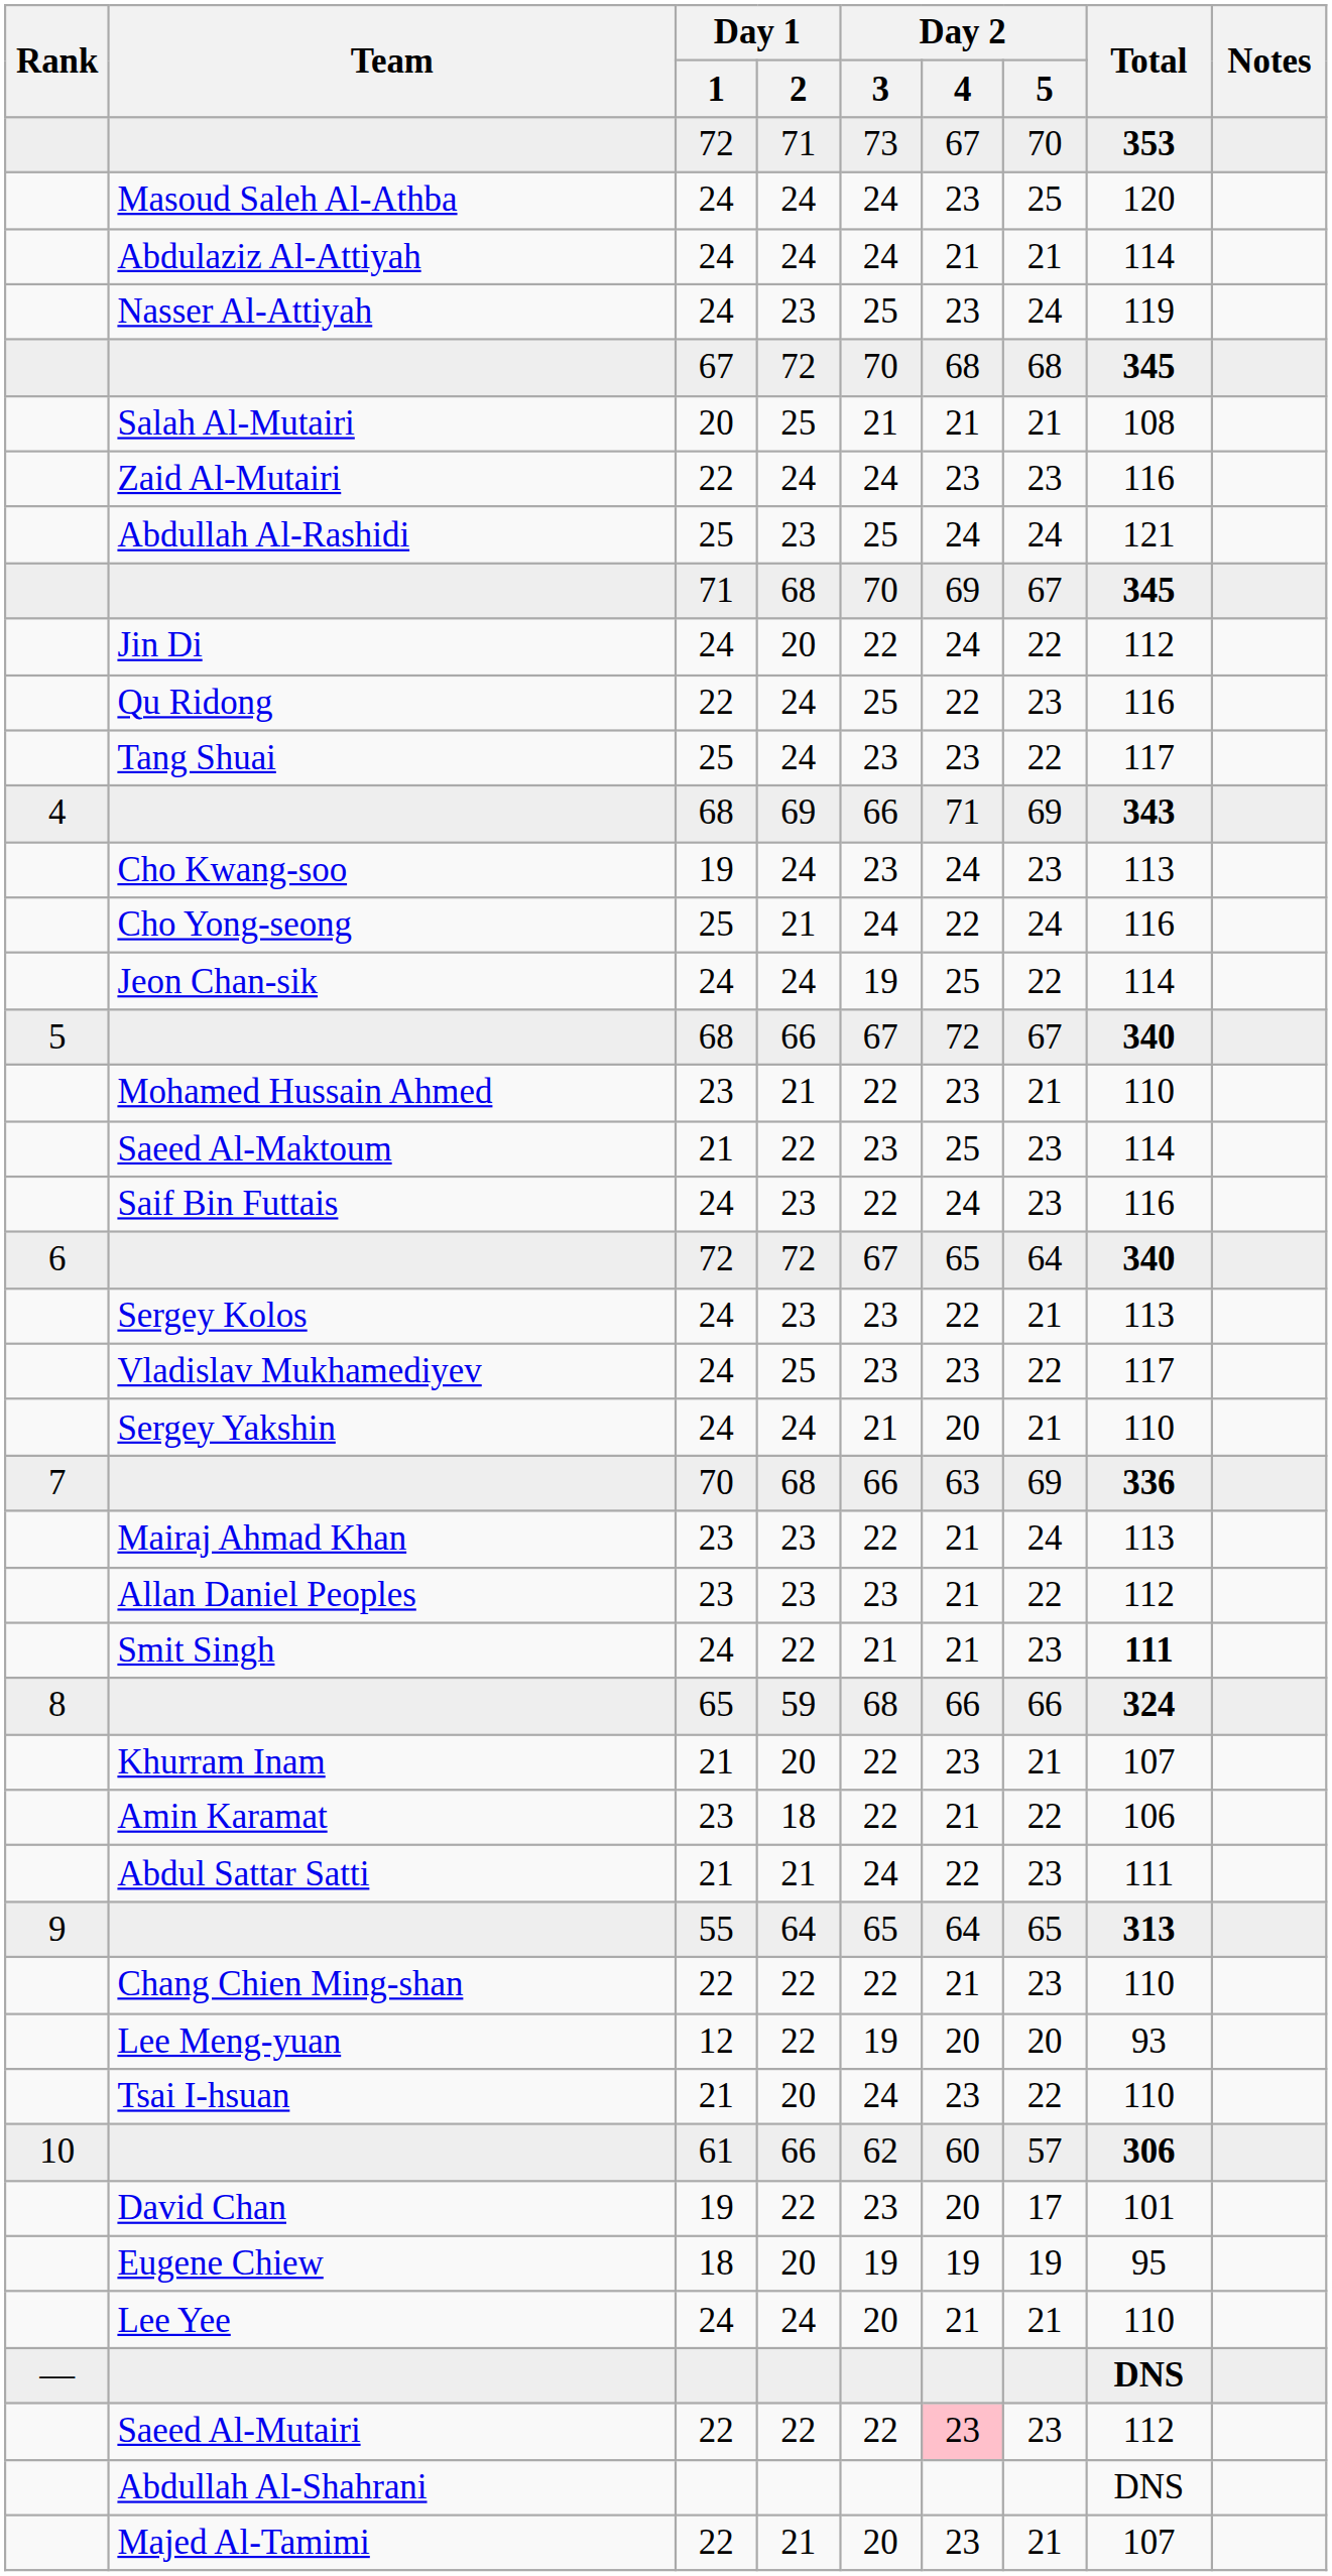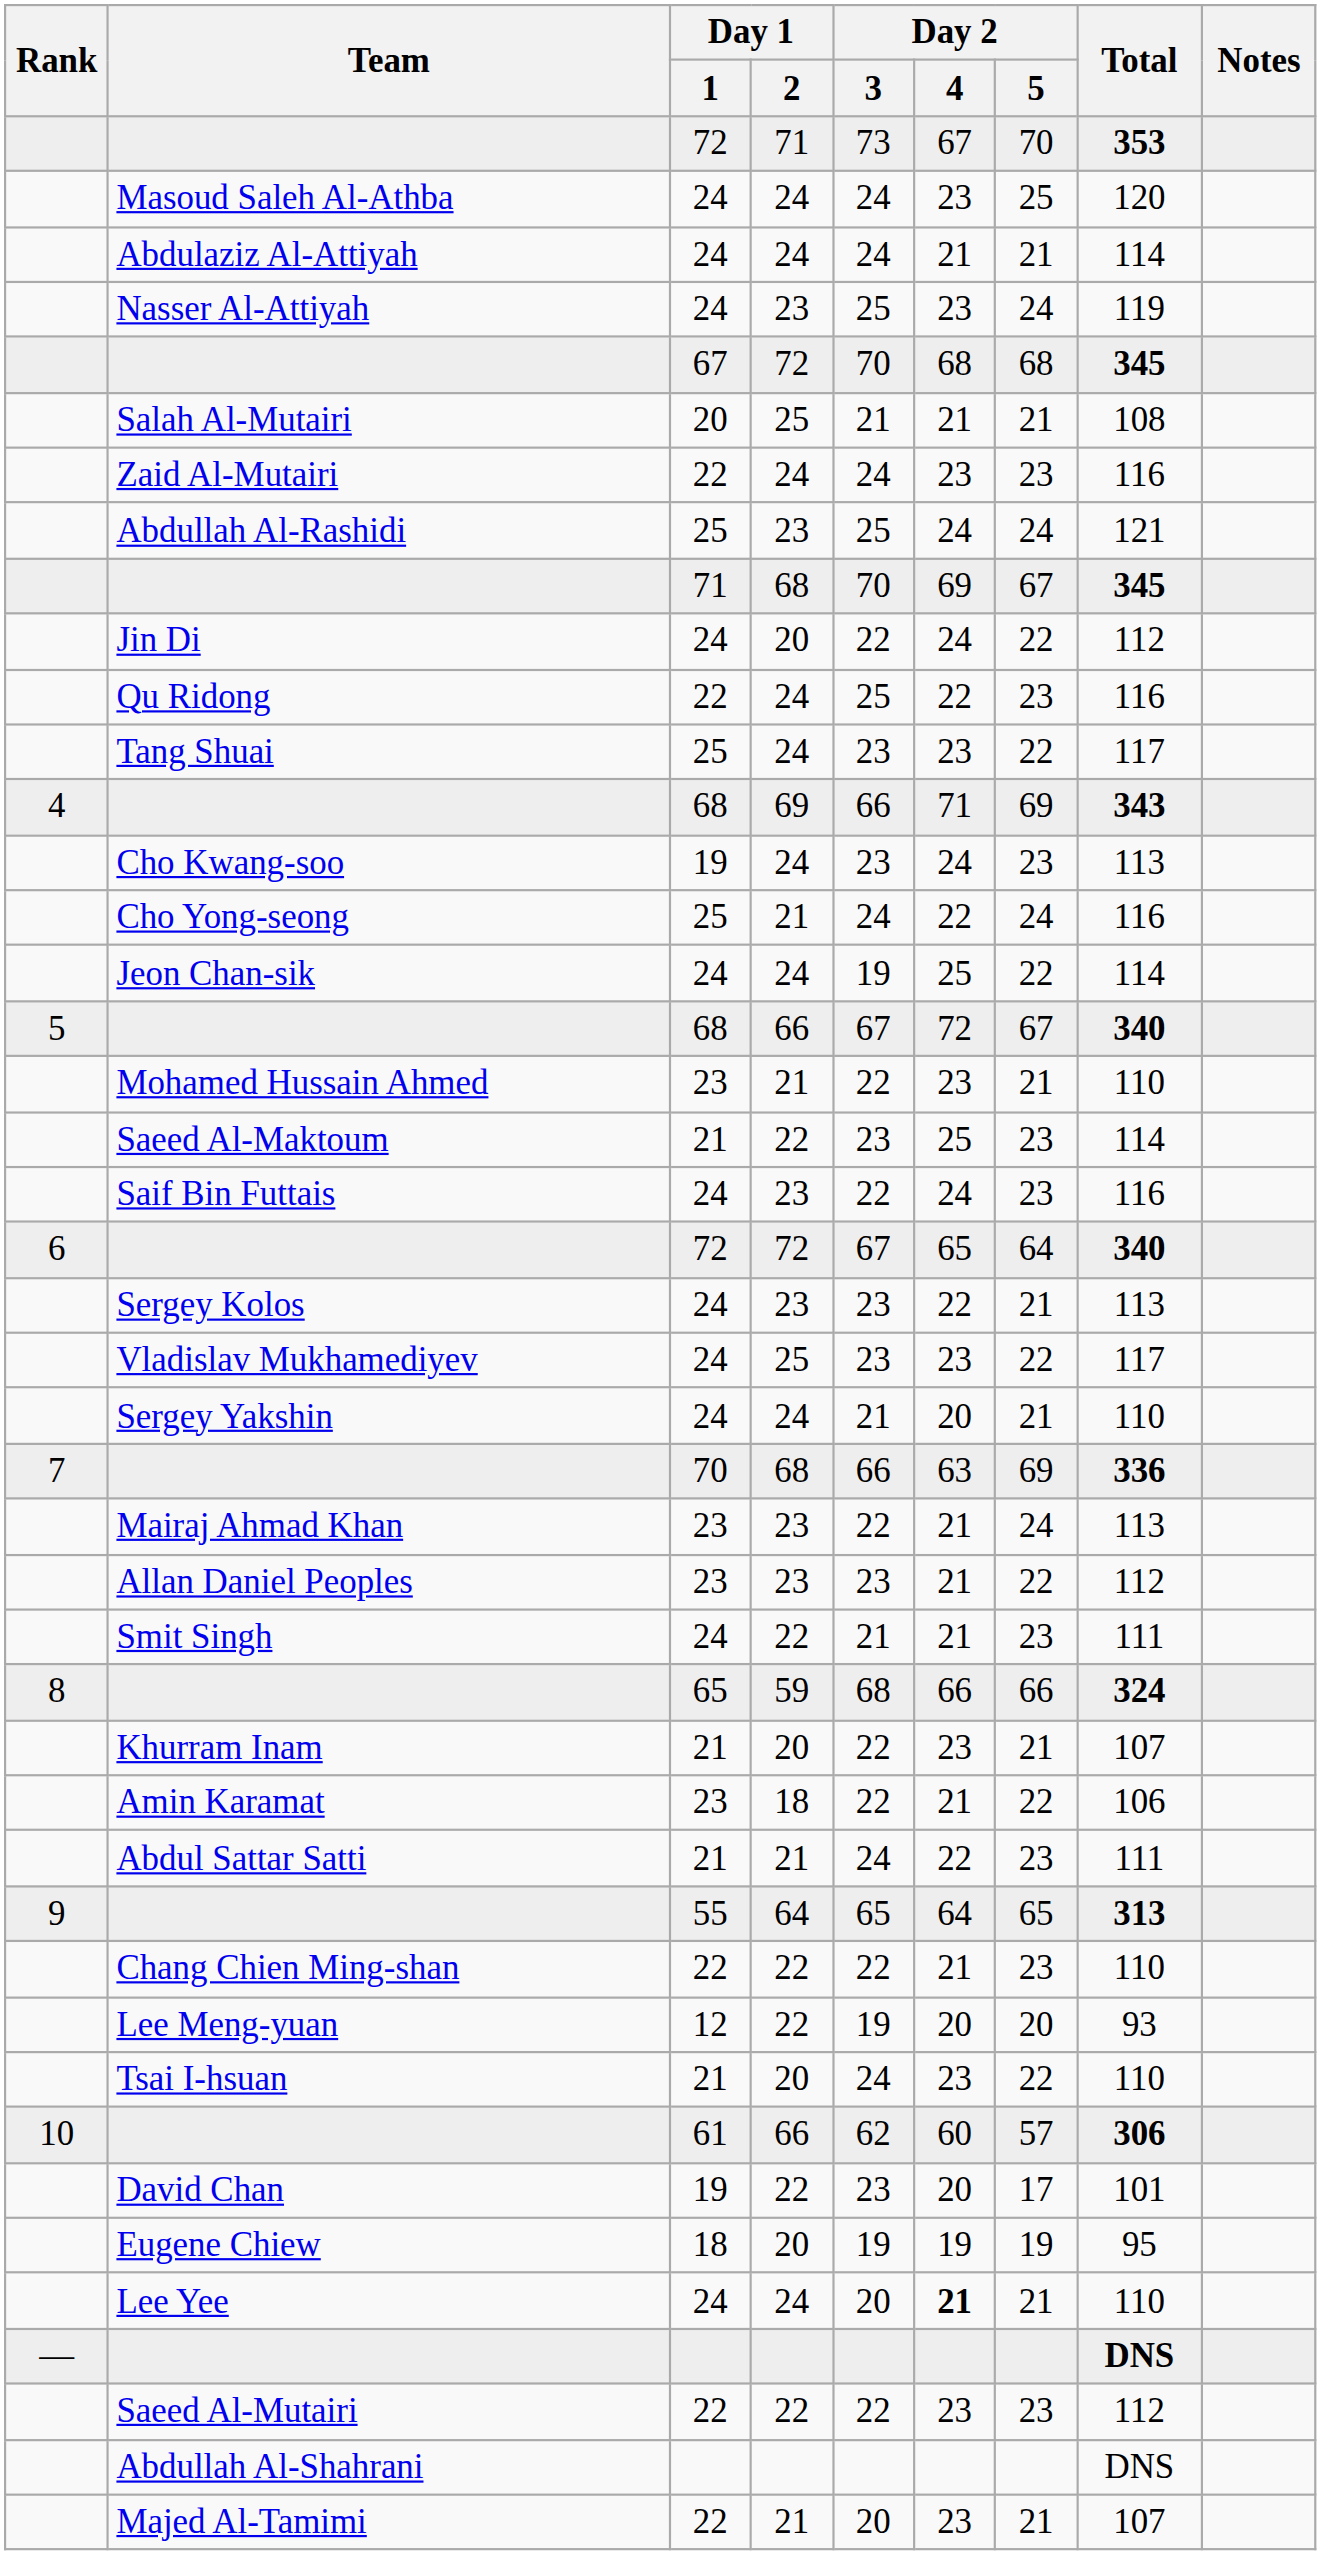 <table class="wikitable" style="text-align:center">
 <tr>
 <th rowspan=2 width=40>Rank</th>
 <th rowspan=2 width=250>Team</th>
 <th colspan=2>Day 1</th>
 <th colspan=3>Day 2</th>
 <th rowspan=2 width=50>Total</th>
 <th rowspan=2 width=45>Notes</th>
 </tr>
 <tr>
 <th width=30>1</th>
 <th width=30>2</th>
 <th width=30>3</th>
 <th width=30>4</th>
 <th width=30>5</th>
 </tr>
 <tr bgcolor=eeeeee>
 <td></td>
 <td align=left></td>
 <td>72</td>
 <td>71</td>
 <td>73</td>
 <td>67</td>
 <td>70</td>
 <td><strong>353</strong></td>
 <td></td>
 </tr>
 <tr>
 <td></td>
 <td align=left><a href='#'>Masoud Saleh Al-Athba</a></td>
 <td>24</td>
 <td>24</td>
 <td>24</td>
 <td>23</td>
 <td>25</td>
 <td>120</td>
 <td></td>
 </tr>
 <tr>
 <td></td>
 <td align=left><a href='#'>Abdulaziz Al-Attiyah</a></td>
 <td>24</td>
 <td>24</td>
 <td>24</td>
 <td>21</td>
 <td>21</td>
 <td>114</td>
 <td></td>
 </tr>
 <tr>
 <td></td>
 <td align=left><a href='#'>Nasser Al-Attiyah</a></td>
 <td>24</td>
 <td>23</td>
 <td>25</td>
 <td>23</td>
 <td>24</td>
 <td>119</td>
 <td></td>
 </tr>
 <tr bgcolor=eeeeee>
 <td></td>
 <td align=left></td>
 <td>67</td>
 <td>72</td>
 <td>70</td>
 <td>68</td>
 <td>68</td>
 <td><strong>345</strong></td>
 <td></td>
 </tr>
 <tr>
 <td></td>
 <td align=left><a href='#'>Salah Al-Mutairi</a></td>
 <td>20</td>
 <td>25</td>
 <td>21</td>
 <td>21</td>
 <td>21</td>
 <td>108</td>
 <td></td>
 </tr>
 <tr>
 <td></td>
 <td align=left><a href='#'>Zaid Al-Mutairi</a></td>
 <td>22</td>
 <td>24</td>
 <td>24</td>
 <td>23</td>
 <td>23</td>
 <td>116</td>
 <td></td>
 </tr>
 <tr>
 <td></td>
 <td align=left><a href='#'>Abdullah Al-Rashidi</a></td>
 <td>25</td>
 <td>23</td>
 <td>25</td>
 <td>24</td>
 <td>24</td>
 <td>121</td>
 <td></td>
 </tr>
 <tr bgcolor=eeeeee>
 <td></td>
 <td align=left></td>
 <td>71</td>
 <td>68</td>
 <td>70</td>
 <td>69</td>
 <td>67</td>
 <td><strong>345</strong></td>
 <td></td>
 </tr>
 <tr>
 <td></td>
 <td align=left><a href='#'>Jin Di</a></td>
 <td>24</td>
 <td>20</td>
 <td>22</td>
 <td>24</td>
 <td>22</td>
 <td>112</td>
 <td></td>
 </tr>
 <tr>
 <td></td>
 <td align=left><a href='#'>Qu Ridong</a></td>
 <td>22</td>
 <td>24</td>
 <td>25</td>
 <td>22</td>
 <td>23</td>
 <td>116</td>
 <td></td>
 </tr>
 <tr>
 <td></td>
 <td align=left><a href='#'>Tang Shuai</a></td>
 <td>25</td>
 <td>24</td>
 <td>23</td>
 <td>23</td>
 <td>22</td>
 <td>117</td>
 <td></td>
 </tr>
 <tr bgcolor=eeeeee>
 <td>4</td>
 <td align=left></td>
 <td>68</td>
 <td>69</td>
 <td>66</td>
 <td>71</td>
 <td>69</td>
 <td><strong>343</strong></td>
 <td></td>
 </tr>
 <tr>
 <td></td>
 <td align=left><a href='#'>Cho Kwang-soo</a></td>
 <td>19</td>
 <td>24</td>
 <td>23</td>
 <td>24</td>
 <td>23</td>
 <td>113</td>
 <td></td>
 </tr>
 <tr>
 <td></td>
 <td align=left><a href='#'>Cho Yong-seong</a></td>
 <td>25</td>
 <td>21</td>
 <td>24</td>
 <td>22</td>
 <td>24</td>
 <td>116</td>
 <td></td>
 </tr>
 <tr>
 <td></td>
 <td align=left><a href='#'>Jeon Chan-sik</a></td>
 <td>24</td>
 <td>24</td>
 <td>19</td>
 <td>25</td>
 <td>22</td>
 <td>114</td>
 <td></td>
 </tr>
 <tr bgcolor=eeeeee>
 <td>5</td>
 <td align=left></td>
 <td>68</td>
 <td>66</td>
 <td>67</td>
 <td>72</td>
 <td>67</td>
 <td><strong>340</strong></td>
 <td></td>
 </tr>
 <tr>
 <td></td>
 <td align=left><a href='#'>Mohamed Hussain Ahmed</a></td>
 <td>23</td>
 <td>21</td>
 <td>22</td>
 <td>23</td>
 <td>21</td>
 <td>110</td>
 <td></td>
 </tr>
 <tr>
 <td></td>
 <td align=left><a href='#'>Saeed Al-Maktoum</a></td>
 <td>21</td>
 <td>22</td>
 <td>23</td>
 <td>25</td>
 <td>23</td>
 <td>114</td>
 <td></td>
 </tr>
 <tr>
 <td></td>
 <td align=left><a href='#'>Saif Bin Futtais</a></td>
 <td>24</td>
 <td>23</td>
 <td>22</td>
 <td>24</td>
 <td>23</td>
 <td>116</td>
 <td></td>
 </tr>
 <tr bgcolor=eeeeee>
 <td>6</td>
 <td align=left></td>
 <td>72</td>
 <td>72</td>
 <td>67</td>
 <td>65</td>
 <td>64</td>
 <td><strong>340</strong></td>
 <td></td>
 </tr>
 <tr>
 <td></td>
 <td align=left><a href='#'>Sergey Kolos</a></td>
 <td>24</td>
 <td>23</td>
 <td>23</td>
 <td>22</td>
 <td>21</td>
 <td>113</td>
 <td></td>
 </tr>
 <tr>
 <td></td>
 <td align=left><a href='#'>Vladislav Mukhamediyev</a></td>
 <td>24</td>
 <td>25</td>
 <td>23</td>
 <td>23</td>
 <td>22</td>
 <td>117</td>
 <td></td>
 </tr>
 <tr>
 <td></td>
 <td align=left><a href='#'>Sergey Yakshin</a></td>
 <td>24</td>
 <td>24</td>
 <td>21</td>
 <td>20</td>
 <td>21</td>
 <td>110</td>
 <td></td>
 </tr>
 <tr bgcolor=eeeeee>
 <td>7</td>
 <td align=left></td>
 <td>70</td>
 <td>68</td>
 <td>66</td>
 <td>63</td>
 <td>69</td>
 <td><strong>336</strong></td>
 <td></td>
 </tr>
 <tr>
 <td></td>
 <td align=left><a href='#'>Mairaj Ahmad Khan</a></td>
 <td>23</td>
 <td>23</td>
 <td>22</td>
 <td>21</td>
 <td>24</td>
 <td>113</td>
 <td></td>
 </tr>
 <tr>
 <td></td>
 <td align=left><a href='#'>Allan Daniel Peoples</a></td>
 <td>23</td>
 <td>23</td>
 <td>23</td>
 <td>21</td>
 <td>22</td>
 <td>112</td>
 <td></td>
 </tr>
 <tr>
 <td></td>
 <td align=left><a href='#'>Smit Singh</a></td>
 <td>24</td>
 <td>22</td>
 <td>21</td>
 <td>21</td>
 <td>23</td>
-<td><strong>111</strong></td>
+<td>111</td>
 <td></td>
 </tr>
 <tr bgcolor=eeeeee>
 <td>8</td>
 <td align=left></td>
 <td>65</td>
 <td>59</td>
 <td>68</td>
 <td>66</td>
 <td>66</td>
 <td><strong>324</strong></td>
 <td></td>
 </tr>
 <tr>
 <td></td>
 <td align=left><a href='#'>Khurram Inam</a></td>
 <td>21</td>
 <td>20</td>
 <td>22</td>
 <td>23</td>
 <td>21</td>
 <td>107</td>
 <td></td>
 </tr>
 <tr>
 <td></td>
 <td align=left><a href='#'>Amin Karamat</a></td>
 <td>23</td>
 <td>18</td>
 <td>22</td>
 <td>21</td>
 <td>22</td>
 <td>106</td>
 <td></td>
 </tr>
 <tr>
 <td></td>
 <td align=left><a href='#'>Abdul Sattar Satti</a></td>
 <td>21</td>
 <td>21</td>
 <td>24</td>
 <td>22</td>
 <td>23</td>
 <td>111</td>
 <td></td>
 </tr>
 <tr bgcolor=eeeeee>
 <td>9</td>
 <td align=left></td>
 <td>55</td>
 <td>64</td>
 <td>65</td>
 <td>64</td>
 <td>65</td>
 <td><strong>313</strong></td>
 <td></td>
 </tr>
 <tr>
 <td></td>
 <td align=left><a href='#'>Chang Chien Ming-shan</a></td>
 <td>22</td>
 <td>22</td>
 <td>22</td>
 <td>21</td>
 <td>23</td>
 <td>110</td>
 <td></td>
 </tr>
 <tr>
 <td></td>
 <td align=left><a href='#'>Lee Meng-yuan</a></td>
 <td>12</td>
 <td>22</td>
 <td>19</td>
 <td>20</td>
 <td>20</td>
 <td>93</td>
 <td></td>
 </tr>
 <tr>
 <td></td>
 <td align=left><a href='#'>Tsai I-hsuan</a></td>
 <td>21</td>
 <td>20</td>
 <td>24</td>
 <td>23</td>
 <td>22</td>
 <td>110</td>
 <td></td>
 </tr>
 <tr bgcolor=eeeeee>
 <td>10</td>
 <td align=left></td>
 <td>61</td>
 <td>66</td>
 <td>62</td>
 <td>60</td>
 <td>57</td>
 <td><strong>306</strong></td>
 <td></td>
 </tr>
 <tr>
 <td></td>
 <td align=left><a href='#'>David Chan</a></td>
 <td>19</td>
 <td>22</td>
 <td>23</td>
 <td>20</td>
 <td>17</td>
 <td>101</td>
 <td></td>
 </tr>
 <tr>
 <td></td>
 <td align=left><a href='#'>Eugene Chiew</a></td>
 <td>18</td>
 <td>20</td>
 <td>19</td>
 <td>19</td>
 <td>19</td>
 <td>95</td>
 <td></td>
 </tr>
 <tr>
 <td></td>
 <td align=left><a href='#'>Lee Yee</a></td>
 <td>24</td>
 <td>24</td>
 <td>20</td>
-<td>21</td>
+<td><strong>21</strong></td>
 <td>21</td>
 <td>110</td>
 <td></td>
 </tr>
 <tr bgcolor=eeeeee>
 <td>—</td>
 <td align=left></td>
 <td></td>
 <td></td>
 <td></td>
 <td></td>
 <td></td>
 <td><strong>DNS</strong></td>
 <td></td>
 </tr>
 <tr>
 <td></td>
 <td align=left><a href='#'>Saeed Al-Mutairi</a></td>
 <td>22</td>
 <td>22</td>
 <td>22</td>
-<td style="background: pink;">23</td>
+<td>23</td>
 <td>23</td>
 <td>112</td>
 <td></td>
 </tr>
 <tr>
 <td></td>
 <td align=left><a href='#'>Abdullah Al-Shahrani</a></td>
 <td></td>
 <td></td>
 <td></td>
 <td></td>
 <td></td>
 <td>DNS</td>
 <td></td>
 </tr>
 <tr>
 <td></td>
 <td align=left><a href='#'>Majed Al-Tamimi</a></td>
 <td>22</td>
 <td>21</td>
 <td>20</td>
 <td>23</td>
 <td>21</td>
 <td>107</td>
 <td></td>
 </tr>
 </table>
